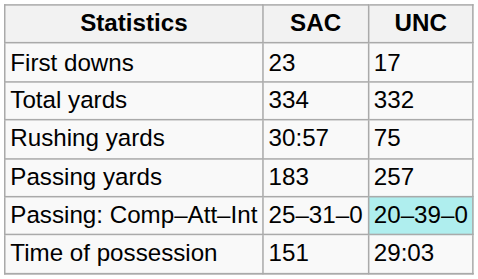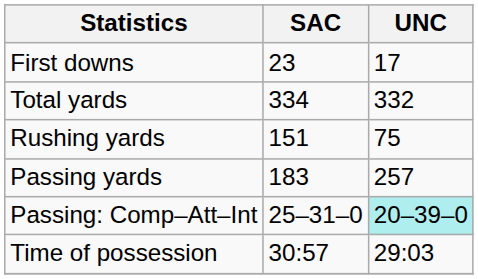 <table class="wikitable" style="float: left;">
 <tr>
 <th>Statistics</th>
 <th>SAC</th>
 <th>UNC</th>
 </tr>
 <tr>
 <td>First downs</td>
 <td>23</td>
 <td>17</td>
 </tr>
 <tr>
 <td>Total yards</td>
 <td>334</td>
 <td>332</td>
 </tr>
 <tr>
 <td>Rushing yards</td>
-<td>30:57</td>
+<td>151</td>
 <td>75</td>
 </tr>
 <tr>
 <td>Passing yards</td>
 <td>183</td>
 <td>257</td>
 </tr>
 <tr>
 <td>Passing: Comp–Att–Int</td>
 <td>25–31–0</td>
 <td style="background: paleturquoise;">20–39–0</td>
 </tr>
 <tr>
 <td>Time of possession</td>
-<td>151</td>
+<td>30:57</td>
 <td>29:03</td>
 </tr>
 <tr>
 </tr>
 </table>
